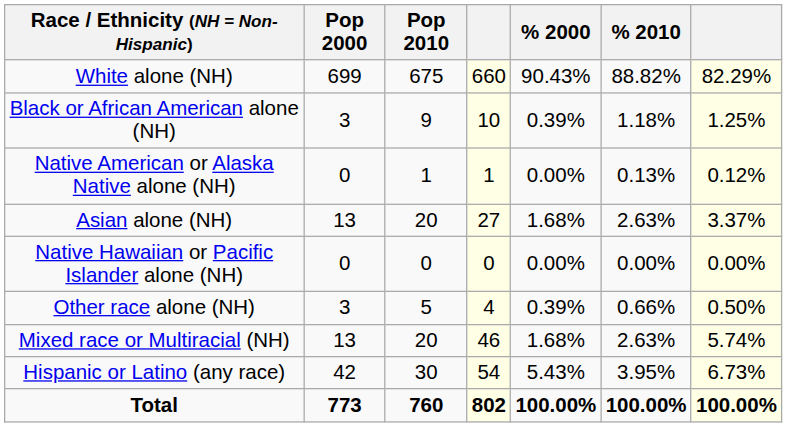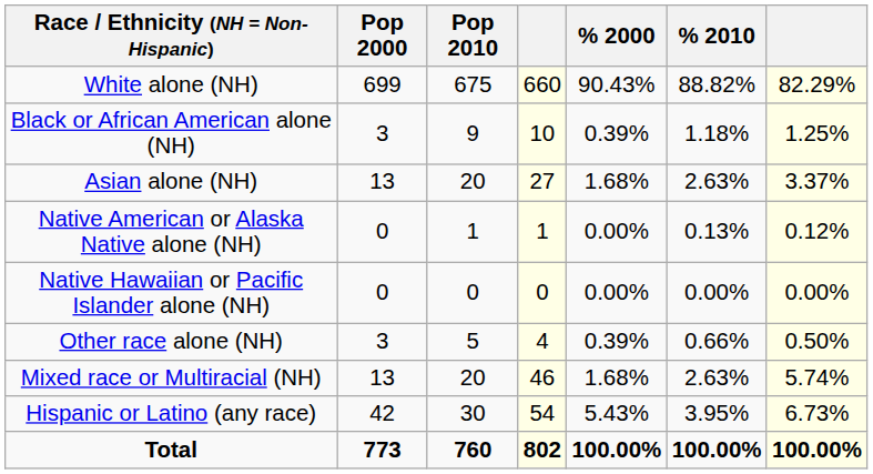 <table class="wikitable" style="text-align:center;">
 <tr>
 <th>Race / Ethnicity <small>(<em>NH = Non-Hispanic</em>)</small></th>
 <th>Pop 2000</th>
 <th>Pop 2010</th>
 <th></th>
 <th>% 2000</th>
 <th>% 2010</th>
 <th></th>
 </tr>
 <tr>
 <td><a href='#'>White</a> alone (NH)</td>
 <td>699</td>
 <td>675</td>
 <td style='background: #ffffe6;'>660</td>
 <td>90.43%</td>
 <td>88.82%</td>
 <td style='background: #ffffe6;'>82.29%</td>
 </tr>
 <tr>
 <td><a href='#'>Black or African American</a> alone (NH)</td>
 <td>3</td>
 <td>9</td>
 <td style='background: #ffffe6;'>10</td>
 <td>0.39%</td>
 <td>1.18%</td>
 <td style='background: #ffffe6;'>1.25%</td>
 </tr>
 <tr>
+<td><a href='#'>Asian</a> alone (NH)</td>
+<td>13</td>
+<td>20</td>
+<td style='background: #ffffe6;'>27</td>
+<td>1.68%</td>
+<td>2.63%</td>
+<td style='background: #ffffe6;'>3.37%</td>
+</tr>
+<tr>
 <td><a href='#'>Native American</a> or <a href='#'>Alaska Native</a> alone (NH)</td>
 <td>0</td>
 <td>1</td>
 <td style='background: #ffffe6;'>1</td>
 <td>0.00%</td>
 <td>0.13%</td>
 <td style='background: #ffffe6;'>0.12%</td>
-</tr>
-<tr>
-<td><a href='#'>Asian</a> alone (NH)</td>
-<td>13</td>
-<td>20</td>
-<td style='background: #ffffe6;'>27</td>
-<td>1.68%</td>
-<td>2.63%</td>
-<td style='background: #ffffe6;'>3.37%</td>
 </tr>
 <tr>
 <td><a href='#'>Native Hawaiian</a> or <a href='#'>Pacific Islander</a> alone (NH)</td>
 <td>0</td>
 <td>0</td>
 <td style='background: #ffffe6;'>0</td>
 <td>0.00%</td>
 <td>0.00%</td>
 <td style='background: #ffffe6;'>0.00%</td>
 </tr>
 <tr>
 <td><a href='#'>Other race</a> alone (NH)</td>
 <td>3</td>
 <td>5</td>
 <td style='background: #ffffe6;'>4</td>
 <td>0.39%</td>
 <td>0.66%</td>
 <td style='background: #ffffe6;'>0.50%</td>
 </tr>
 <tr>
 <td><a href='#'>Mixed race or Multiracial</a> (NH)</td>
 <td>13</td>
 <td>20</td>
 <td style='background: #ffffe6;'>46</td>
 <td>1.68%</td>
 <td>2.63%</td>
 <td style='background: #ffffe6;'>5.74%</td>
 </tr>
 <tr>
 <td><a href='#'>Hispanic or Latino</a> (any race)</td>
 <td>42</td>
 <td>30</td>
 <td style='background: #ffffe6;'>54</td>
 <td>5.43%</td>
 <td>3.95%</td>
 <td style='background: #ffffe6;'>6.73%</td>
 </tr>
 <tr>
 <td><strong>Total</strong></td>
 <td><strong>773</strong></td>
 <td><strong>760</strong></td>
 <td style='background: #ffffe6;'><strong>802</strong></td>
 <td><strong>100.00%</strong></td>
 <td><strong>100.00%</strong></td>
 <td style='background: #ffffe6;'><strong>100.00%</strong></td>
 </tr>
 </table>
